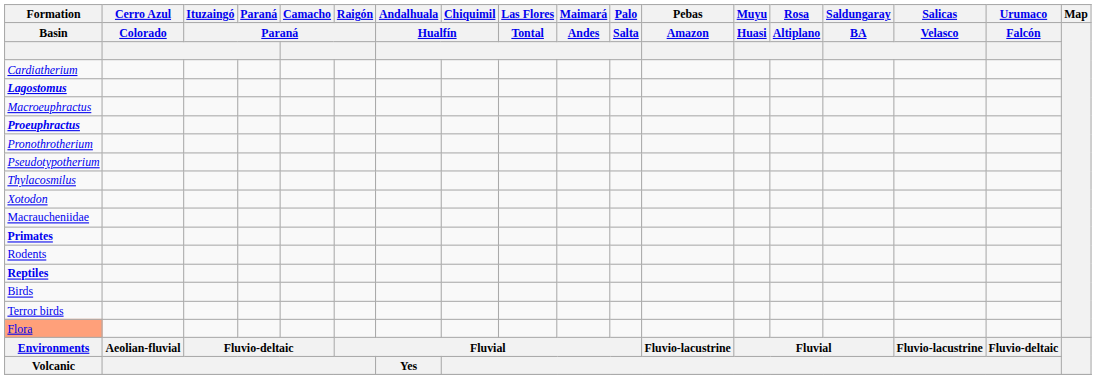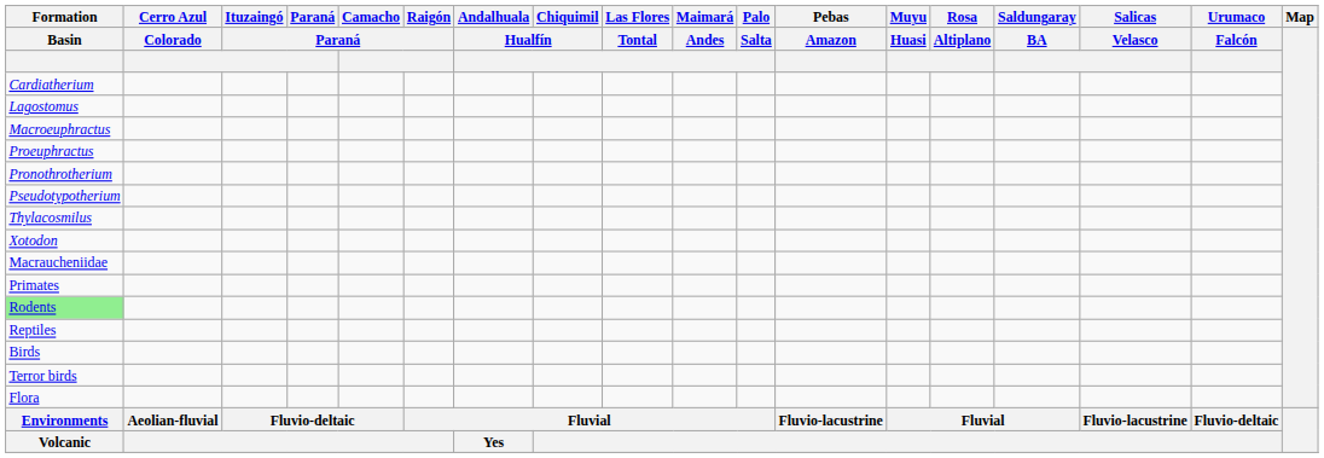 <table class="wikitable" style="font-size: 70%">
 <tr>
 <th>Formation</th>
 <th><a href='#'>Cerro Azul</a></th>
 <th><a href='#'>Ituzaingó</a></th>
 <th><a href='#'>Paraná</a></th>
 <th><a href='#'>Camacho</a></th>
 <th><a href='#'>Raigón</a></th>
 <th><a href='#'>Andalhuala</a></th>
 <th><a href='#'>Chiquimil</a></th>
 <th><a href='#'>Las Flores</a></th>
 <th><a href='#'>Maimará</a></th>
 <th><a href='#'>Palo</a></th>
 <th>Pebas</th>
 <th><a href='#'>Muyu</a></th>
 <th><a href='#'>Rosa</a></th>
 <th><a href='#'>Saldungaray</a></th>
 <th><a href='#'>Salicas</a></th>
 <th><a href='#'>Urumaco</a></th>
 <th>Map</th>
 </tr>
 <tr>
 <th>Basin</th>
 <th><a href='#'>Colorado</a></th>
 <th colspan=4><a href='#'>Paraná</a></th>
 <th colspan=2><a href='#'>Hualfín</a></th>
 <th><a href='#'>Tontal</a></th>
 <th><a href='#'>Andes</a></th>
 <th><a href='#'>Salta</a></th>
 <th><a href='#'>Amazon</a></th>
 <th><a href='#'>Huasi</a></th>
 <th><a href='#'>Altiplano</a></th>
 <th><a href='#'>BA</a></th>
 <th><a href='#'>Velasco</a></th>
 <th><a href='#'>Falcón</a></th>
 <th align=center rowspan=17></th>
 </tr>
 <tr>
 <th></th>
 <th colspan=3></th>
 <th colspan=2></th>
 <th colspan=5></th>
 <th><br></th>
 <th colspan=2></th>
 <th colspan=2></th>
 <th></th>
 </tr>
 <tr>
 <td><em><a href='#'>Cardiatherium</a></em></td>
 <td align=center></td>
 <td align=center></td>
 <td align=center></td>
 <td align=center></td>
 <td align=center></td>
 <td align=center></td>
 <td align=center></td>
 <td align=center></td>
 <td align=center></td>
 <td align=center></td>
 <td align=center></td>
 <td align=center></td>
 <td align=center></td>
 <td align=center></td>
 <td align=center></td>
 <td align=center></td>
 </tr>
 <tr>
-<td><strong><em><a href='#'>Lagostomus</a></em></strong></td>
+<td><em><a href='#'>Lagostomus</a></em></td>
 <td align=center></td>
 <td align=center></td>
 <td align=center></td>
 <td align=center></td>
 <td align=center></td>
 <td align=center></td>
 <td align=center></td>
 <td align=center></td>
 <td align=center></td>
 <td align=center></td>
 <td align=center></td>
 <td align=center></td>
 <td align=center></td>
 <td align=center></td>
 <td align=center></td>
 <td></td>
 </tr>
 <tr>
 <td><em><a href='#'>Macroeuphractus</a></em></td>
 <td align=center></td>
 <td align=center></td>
 <td align=center></td>
 <td align=center></td>
 <td align=center></td>
 <td align=center></td>
 <td align=center></td>
 <td align=center></td>
 <td align=center></td>
 <td align=center></td>
 <td align=center></td>
 <td align=center></td>
 <td align=center></td>
 <td align=center></td>
 <td align=center></td>
 <td></td>
 </tr>
 <tr>
-<td><strong><em><a href='#'>Proeuphractus</a></em></strong></td>
+<td><em><a href='#'>Proeuphractus</a></em></td>
 <td align=center></td>
 <td align=center></td>
 <td align=center></td>
 <td align=center></td>
 <td align=center></td>
 <td align=center></td>
 <td align=center></td>
 <td align=center></td>
 <td align=center></td>
 <td align=center></td>
 <td align=center></td>
 <td align=center></td>
 <td align=center></td>
 <td align=center></td>
 <td align=center></td>
 <td align=center></td>
 </tr>
 <tr>
 <td><em><a href='#'>Pronothrotherium</a></em></td>
 <td align=center></td>
 <td align=center></td>
 <td align=center></td>
 <td align=center></td>
 <td align=center></td>
 <td align=center></td>
 <td align=center></td>
 <td align=center></td>
 <td align=center></td>
 <td align=center></td>
 <td align=center></td>
 <td align=center></td>
 <td align=center></td>
 <td align=center></td>
 <td align=center></td>
 <td align=center></td>
 </tr>
 <tr>
 <td><em><a href='#'>Pseudotypotherium</a></em></td>
 <td align=center></td>
 <td align=center></td>
 <td align=center></td>
 <td align=center></td>
 <td align=center></td>
 <td align=center></td>
 <td align=center></td>
 <td align=center></td>
 <td align=center></td>
 <td align=center></td>
 <td align=center></td>
 <td align=center></td>
 <td align=center></td>
 <td align=center></td>
 <td align=center></td>
 <td align=center></td>
 </tr>
 <tr>
 <td><em><a href='#'>Thylacosmilus</a></em></td>
 <td align=center></td>
 <td align=center></td>
 <td align=center></td>
 <td align=center></td>
 <td align=center></td>
 <td align=center></td>
 <td align=center></td>
 <td align=center></td>
 <td align=center></td>
 <td align=center></td>
 <td align=center></td>
 <td align=center></td>
 <td align=center></td>
 <td align=center></td>
 <td align=center></td>
 <td></td>
 </tr>
 <tr>
 <td><em><a href='#'>Xotodon</a></em></td>
 <td align=center></td>
 <td align=center></td>
 <td align=center></td>
 <td align=center></td>
 <td align=center></td>
 <td align=center></td>
 <td align=center></td>
 <td align=center></td>
 <td align=center></td>
 <td align=center></td>
 <td align=center></td>
 <td align=center></td>
 <td align=center></td>
 <td align=center></td>
 <td align=center></td>
 <td align=center></td>
 </tr>
 <tr>
 <td><a href='#'>Macraucheniidae</a></td>
 <td align=center></td>
 <td align=center></td>
 <td align=center></td>
 <td align=center></td>
 <td align=center></td>
 <td align=center></td>
 <td align=center></td>
 <td align=center></td>
 <td align=center></td>
 <td align=center></td>
 <td align=center></td>
 <td align=center></td>
 <td align=center></td>
 <td align=center></td>
 <td align=center></td>
 <td align=center></td>
 </tr>
 <tr>
-<td><strong><a href='#'>Primates</a></strong></td>
+<td><a href='#'>Primates</a></td>
 <td align=center></td>
 <td align=center></td>
 <td align=center></td>
 <td align=center></td>
 <td align=center></td>
 <td align=center></td>
 <td align=center></td>
 <td align=center></td>
 <td align=center></td>
 <td align=center></td>
 <td align=center></td>
 <td align=center></td>
 <td align=center></td>
 <td align=center></td>
 <td align=center></td>
 <td align=center></td>
 </tr>
 <tr>
-<td><a href='#'>Rodents</a></td>
+<td style="background: lightgreen;"><a href='#'>Rodents</a></td>
 <td align=center></td>
 <td align=center></td>
 <td align=center></td>
 <td align=center></td>
 <td align=center></td>
 <td align=center></td>
 <td align=center></td>
 <td align=center></td>
 <td align=center></td>
 <td align=center></td>
 <td align=center></td>
 <td align=center></td>
 <td align=center></td>
 <td align=center></td>
 <td align=center></td>
 <td align=center></td>
 </tr>
 <tr>
-<td><strong><a href='#'>Reptiles</a></strong></td>
+<td><a href='#'>Reptiles</a></td>
 <td align=center></td>
 <td align=center></td>
 <td align=center></td>
 <td align=center></td>
 <td align=center></td>
 <td align=center></td>
 <td align=center></td>
 <td align=center></td>
 <td align=center></td>
 <td align=center></td>
 <td align=center></td>
 <td align=center></td>
 <td align=center></td>
 <td align=center></td>
 <td align=center></td>
 <td align=center></td>
 </tr>
 <tr>
 <td><a href='#'>Birds</a></td>
 <td align=center></td>
 <td align=center></td>
 <td align=center></td>
 <td align=center></td>
 <td align=center></td>
 <td align=center></td>
 <td align=center></td>
 <td align=center></td>
 <td align=center></td>
 <td align=center></td>
 <td align=center></td>
 <td></td>
 <td align=center></td>
 <td align=center></td>
 <td align=center></td>
 <td align=center></td>
 </tr>
 <tr>
 <td><a href='#'>Terror birds</a></td>
 <td align=center></td>
 <td align=center></td>
 <td align=center></td>
 <td align=center></td>
 <td align=center></td>
 <td align=center></td>
 <td align=center></td>
 <td align=center></td>
 <td align=center></td>
 <td align=center></td>
 <td align=center></td>
 <td align=center></td>
 <td align=center></td>
 <td align=center></td>
 <td align=center></td>
 <td align=center></td>
 </tr>
 <tr>
-<td style="background: lightsalmon;"><a href='#'>Flora</a></td>
+<td><a href='#'>Flora</a></td>
 <td align=center></td>
 <td align=center></td>
 <td align=center></td>
 <td align=center></td>
 <td align=center></td>
 <td align=center></td>
 <td align=center></td>
 <td align=center></td>
 <td align=center></td>
 <td align=center></td>
 <td align=center></td>
 <td align=center></td>
 <td align=center></td>
 <td align=center></td>
 <td align=center></td>
 <td align=center></td>
 </tr>
 <tr>
 <th><a href='#'>Environments</a></th>
 <th>Aeolian-fluvial</th>
 <th colspan=3>Fluvio-deltaic</th>
 <th colspan=6>Fluvial</th>
 <th>Fluvio-lacustrine</th>
 <th colspan=3>Fluvial</th>
 <th>Fluvio-lacustrine</th>
 <th>Fluvio-deltaic</th>
 <th rowspan=2 align=left><br><br></th>
 </tr>
 <tr>
 <th>Volcanic</th>
 <th colspan=5></th>
 <th>Yes</th>
 <th colspan=10></th>
 </tr>
 <tr>
 </tr>
 </table>
